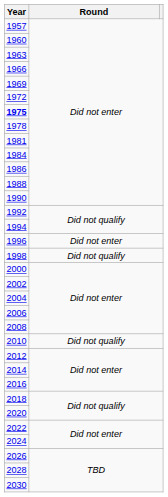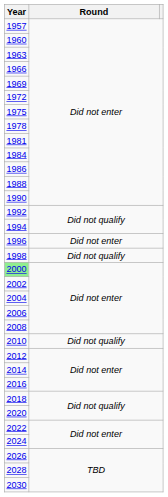 <table class="wikitable" style="text-align: center; font-size:90%">
 <tr>
 <th>Year</th>
 <th style="width:200px">Round</th>
 <th></th>
 </tr>
 <tr>
 <td><a href='#'>1957</a></td>
 <td colspan="2" rowspan="13"><em>Did not enter</em></td>
 </tr>
 <tr>
 <td><a href='#'>1960</a></td>
 </tr>
 <tr>
 <td><a href='#'>1963</a></td>
 </tr>
 <tr>
 <td><a href='#'>1966</a></td>
 </tr>
 <tr>
 <td><a href='#'>1969</a></td>
 </tr>
 <tr>
 <td><a href='#'>1972</a></td>
 </tr>
 <tr>
-<td><strong><a href='#'>1975</a></strong></td>
+<td><a href='#'>1975</a></td>
 </tr>
 <tr>
 <td><a href='#'>1978</a></td>
 </tr>
 <tr>
 <td><a href='#'>1981</a></td>
 </tr>
 <tr>
 <td><a href='#'>1984</a></td>
 </tr>
 <tr>
 <td><a href='#'>1986</a></td>
 </tr>
 <tr>
 <td><a href='#'>1988</a></td>
 </tr>
 <tr>
 <td><a href='#'>1990</a></td>
 </tr>
 <tr>
 <td><a href='#'>1992</a></td>
 <td colspan="2" rowspan="2"><em>Did not qualify</em></td>
 </tr>
 <tr>
 <td><a href='#'>1994</a></td>
 </tr>
 <tr>
 <td><a href='#'>1996</a></td>
 <td colspan="2"><em>Did not enter</em></td>
 </tr>
 <tr>
 <td><a href='#'>1998</a></td>
 <td colspan="2"><em>Did not qualify</em></td>
 </tr>
 <tr>
-<td><a href='#'>2000</a></td>
+<td style="background: lightgreen;"><a href='#'>2000</a></td>
 <td colspan="2" rowspan="5"><em>Did not enter</em></td>
 </tr>
 <tr>
 <td><a href='#'>2002</a></td>
 </tr>
 <tr>
 <td><a href='#'>2004</a></td>
 </tr>
 <tr>
 <td><a href='#'>2006</a></td>
 </tr>
 <tr>
 <td><a href='#'>2008</a></td>
 </tr>
 <tr>
 <td><a href='#'>2010</a></td>
 <td colspan="2"><em>Did not qualify</em></td>
 </tr>
 <tr>
 <td><a href='#'>2012</a></td>
 <td colspan="2" rowspan="3"><em>Did not enter</em></td>
 </tr>
 <tr>
 <td><a href='#'>2014</a></td>
 </tr>
 <tr>
 <td><a href='#'>2016</a></td>
 </tr>
 <tr>
 <td><a href='#'>2018</a></td>
 <td colspan="2" rowspan="2"><em>Did not qualify</em></td>
 </tr>
 <tr>
 <td><a href='#'>2020</a></td>
 </tr>
 <tr>
 <td><a href='#'>2022</a></td>
 <td colspan="2" rowspan="2"><em>Did not enter</em></td>
 </tr>
 <tr>
 <td><a href='#'>2024</a></td>
 </tr>
 <tr>
 <td><a href='#'>2026</a></td>
 <td colspan="2" rowspan="3"><em>TBD</em></td>
 </tr>
 <tr>
 <td><a href='#'>2028</a></td>
 </tr>
 <tr>
 <td><a href='#'>2030</a></td>
 </tr>
 </table>
